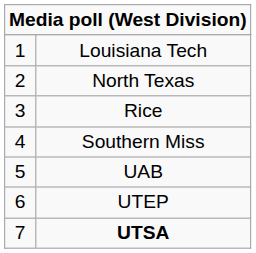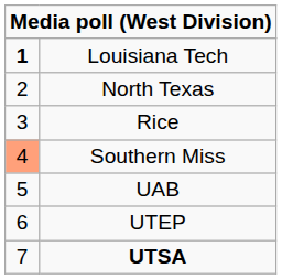 <table class="wikitable" style="text-align:center;">
 <tr>
 <td colspan="2"><strong>Media poll (West Division)</strong></td>
 </tr>
 <tr>
 </tr>
 <tr>
-<td>1</td>
+<td><strong>1</strong></td>
 <td>Louisiana Tech</td>
 </tr>
 <tr>
 <td>2</td>
 <td>North Texas</td>
 </tr>
 <tr>
 <td>3</td>
 <td>Rice</td>
 </tr>
 <tr>
-<td>4</td>
+<td style="background: lightsalmon;">4</td>
 <td>Southern Miss</td>
 </tr>
 <tr>
 <td>5</td>
 <td>UAB</td>
 </tr>
 <tr>
 <td>6</td>
 <td>UTEP</td>
 </tr>
 <tr>
 <td>7</td>
 <td><strong>UTSA</strong></td>
 </tr>
 </table>
